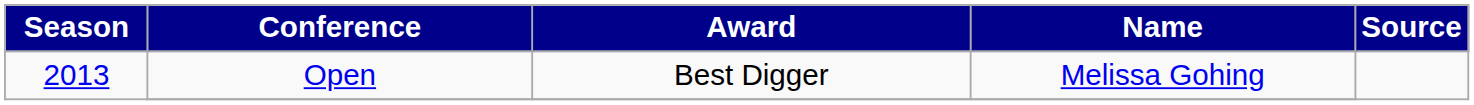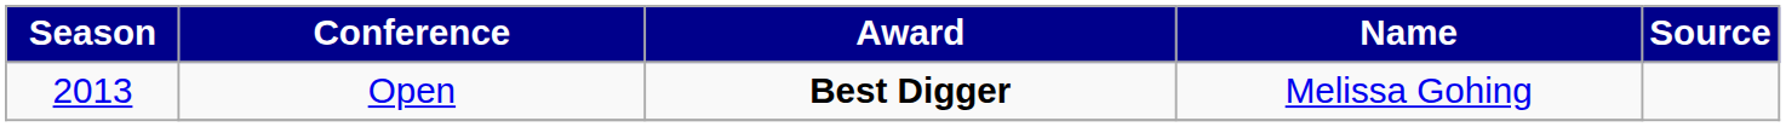 <table class="wikitable" style="text-align:center;">
 <tr>
 <th width=70px style="background:#00008B; color:white; text-align: center"><strong>Season</strong></th>
 <th width=200px style="background:#00008B; color:white; text-align: center"><strong>Conference</strong></th>
 <th width=230px style="background:#00008B; color:white; text-align: center"><strong>Award</strong></th>
 <th width=200px style="background:#00008B; color:white; text-align: center"><strong>Name</strong></th>
 <th width=50px style="background:#00008B; color:white; text-align: center">Source</th>
 </tr>
 <tr>
 <td rowspan=2><a href='#'>2013</a></td>
 <td><a href='#'>Open</a></td>
-<td>Best Digger</td>
+<td><strong>Best Digger</strong></td>
 <td><a href='#'>Melissa Gohing</a></td>
 <td rowspan=2></td>
 </tr>
 <tr>
 </tr>
 </table>
